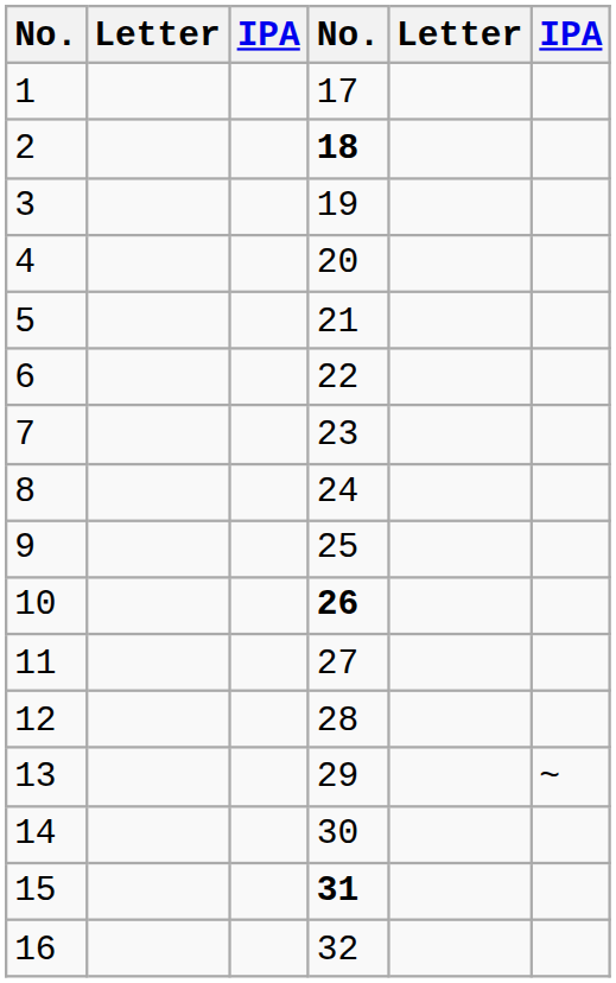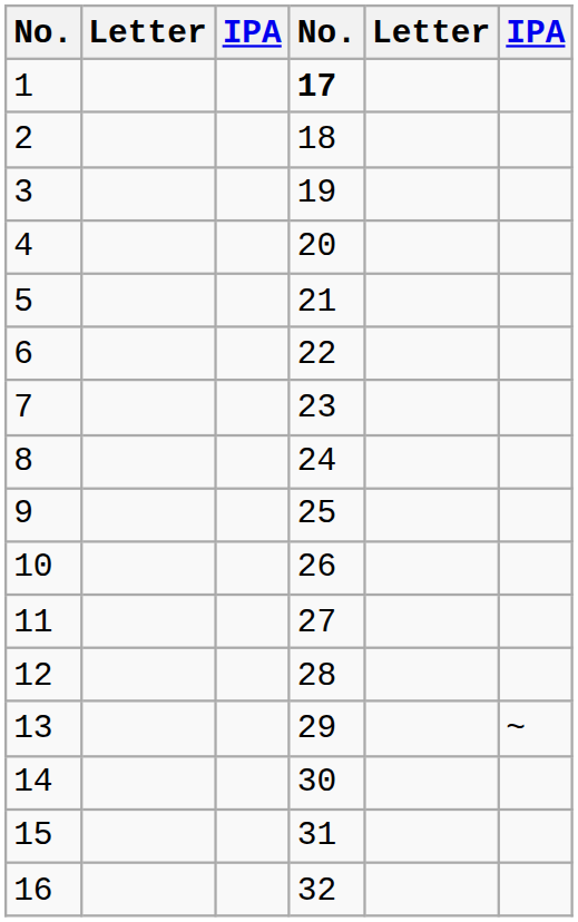 <table class="wikitable">
 <tr>
 <th>No.</th>
 <th>Letter</th>
 <th><a href='#'>IPA</a></th>
 <th>No.</th>
 <th>Letter</th>
 <th><a href='#'>IPA</a></th>
 </tr>
 <tr>
 <td>1</td>
 <td><big></big></td>
 <td></td>
-<td>17</td>
+<td><strong>17</strong></td>
 <td><big></big></td>
 <td></td>
 </tr>
 <tr>
 <td>2</td>
 <td><big></big></td>
 <td></td>
-<td><strong>18</strong></td>
+<td>18</td>
 <td><big></big></td>
 <td></td>
 </tr>
 <tr>
 <td>3</td>
 <td><big></big></td>
 <td></td>
 <td>19</td>
 <td><big></big></td>
 <td></td>
 </tr>
 <tr>
 <td>4</td>
 <td><big></big></td>
 <td></td>
 <td>20</td>
 <td><big></big></td>
 <td></td>
 </tr>
 <tr>
 <td>5</td>
 <td><big></big></td>
 <td></td>
 <td>21</td>
 <td><big></big></td>
 <td></td>
 </tr>
 <tr>
 <td>6</td>
 <td><big></big></td>
 <td></td>
 <td>22</td>
 <td><big></big></td>
 <td></td>
 </tr>
 <tr>
 <td>7</td>
 <td><big></big></td>
 <td></td>
 <td>23</td>
 <td><big></big></td>
 <td></td>
 </tr>
 <tr>
 <td>8</td>
 <td><big></big></td>
 <td></td>
 <td>24</td>
 <td><big></big></td>
 <td></td>
 </tr>
 <tr>
 <td>9</td>
 <td><big></big></td>
 <td></td>
 <td>25</td>
 <td><big></big></td>
 <td></td>
 </tr>
 <tr>
 <td>10</td>
 <td><big></big></td>
 <td></td>
-<td><strong>26</strong></td>
+<td>26</td>
 <td><big></big></td>
 <td></td>
 </tr>
 <tr>
 <td>11</td>
 <td><big></big></td>
 <td></td>
 <td>27</td>
 <td><big></big></td>
 <td></td>
 </tr>
 <tr>
 <td>12</td>
 <td><big></big></td>
 <td></td>
 <td>28</td>
 <td><big></big></td>
 <td></td>
 </tr>
 <tr>
 <td>13</td>
 <td><big></big></td>
 <td></td>
 <td>29</td>
 <td><big></big></td>
 <td>~</td>
 </tr>
 <tr>
 <td>14</td>
 <td><big></big></td>
 <td></td>
 <td>30</td>
 <td><big></big></td>
 <td></td>
 </tr>
 <tr>
 <td>15</td>
 <td><big></big></td>
 <td></td>
-<td><strong>31</strong></td>
+<td>31</td>
 <td><big></big></td>
 <td></td>
 </tr>
 <tr>
 <td>16</td>
 <td><big></big></td>
 <td></td>
 <td>32</td>
 <td><big></big></td>
 <td></td>
 </tr>
 </table>
